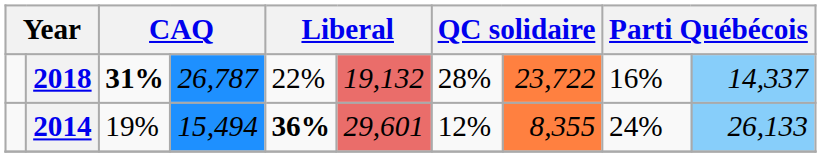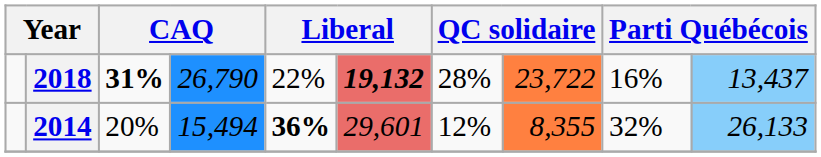 <table class="wikitable" style="float:right; width:400; font-size:90%; margin-left:1em;">
 <tr>
 <th colspan="2" scope="col">Year</th>
 <th colspan="2" scope="col"><a href='#'>CAQ</a></th>
 <th colspan="2" scope="col"><a href='#'>Liberal</a></th>
 <th colspan="2" scope="col"><a href='#'>QC solidaire</a></th>
 <th colspan="2" scope="col"><a href='#'>Parti Québécois</a></th>
 </tr>
 <tr>
 <td style="width: 0.25em; background-color: "></td>
 <th><a href='#'>2018</a></th>
 <td><strong>31%</strong></td>
-<td style="text-align:right; background:#1E90FF;"><em>26,787</em></td>
+<td style="text-align:right; background:#1E90FF;"><em>26,790</em></td>
 <td>22%</td>
-<td style="text-align:right; background:#EA6D6A;"><em>19,132</em></td>
+<td style="text-align:right; background:#EA6D6A;"><strong><em>19,132</em></strong></td>
 <td>28%</td>
 <td style="text-align:right; background:#FF8040;"><em>23,722</em></td>
 <td>16%</td>
-<td style="text-align:right; background:#87CEFA;"><em>14,337</em></td>
+<td style="text-align:right; background:#87CEFA;"><em>13,437</em></td>
 </tr>
 <tr>
 <td style="width: 0.25em; background-color: "></td>
 <th><a href='#'>2014</a></th>
-<td>19%</td>
+<td>20%</td>
 <td style="text-align:right; background:#1E90FF;"><em>15,494</em></td>
 <td><strong>36%</strong></td>
 <td style="text-align:right; background:#EA6D6A;"><em>29,601</em></td>
 <td>12%</td>
 <td style="text-align:right; background:#FF8040;"><em>8,355</em></td>
-<td>24%</td>
+<td>32%</td>
 <td style="text-align:right; background:#87CEFA;"><em>26,133</em></td>
 </tr>
 <tr>
 </tr>
 </table>
